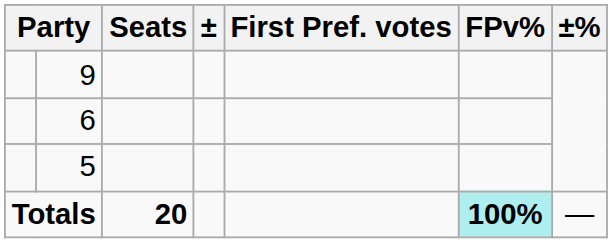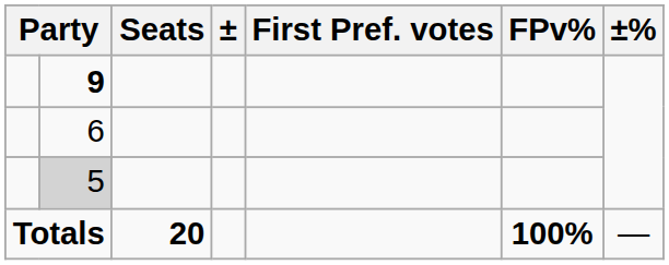 <table class=wikitable>
 <tr>
 <th colspan=2 align=center>Party</th>
 <th valign=top>Seats</th>
 <th valign=top>±</th>
 <th valign=top>First Pref. votes</th>
 <th valign=top>FPv%</th>
 <th valign=top>±%</th>
 </tr>
 <tr>
 <td></td>
-<td align=right>9</td>
+<td align=right><strong>9</strong></td>
 <td align=right></td>
 <td align=right></td>
 <td align=right></td>
 <td align=right></td>
 </tr>
 <tr>
 <td></td>
 <td align=right>6</td>
 <td align=right></td>
 <td align=right></td>
 <td align=right></td>
 <td align=right></td>
 </tr>
 <tr>
 <td></td>
-<td align=right>5</td>
+<td align=right style="background: lightgrey;">5</td>
 <td align=right></td>
 <td align=right></td>
 <td align=right></td>
 <td align=right></td>
 </tr>
 <tr>
 <td colspan=2 align=center><strong>Totals</strong></td>
 <td align=right><strong>20</strong></td>
 <td align=center></td>
 <td align=right></td>
-<td align=center style="background: paleturquoise;"><strong>100%</strong></td>
+<td align=center><strong>100%</strong></td>
 <td align=center>—</td>
 </tr>
 </table>
